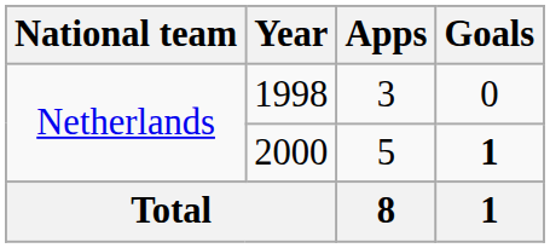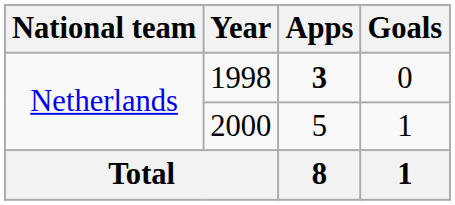 <table class="wikitable" style="text-align:center">
 <tr>
 <th>National team</th>
 <th>Year</th>
 <th>Apps</th>
 <th>Goals</th>
 </tr>
 <tr>
 <td rowspan="2"><a href='#'>Netherlands</a></td>
 <td>1998</td>
-<td>3</td>
+<td><strong>3</strong></td>
 <td>0</td>
 </tr>
 <tr>
 <td>2000</td>
 <td>5</td>
-<td><strong>1</strong></td>
+<td>1</td>
 </tr>
 <tr>
 <th colspan="2">Total</th>
 <th>8</th>
 <th>1</th>
 </tr>
 </table>
